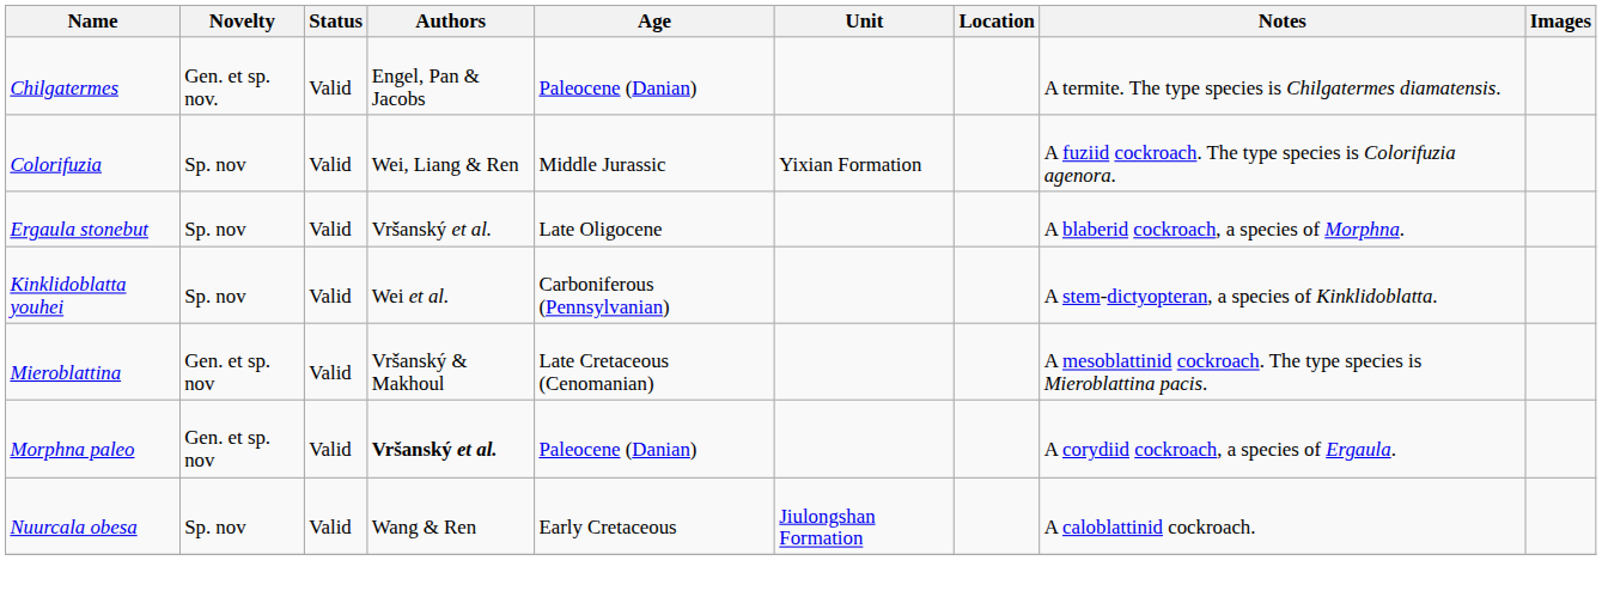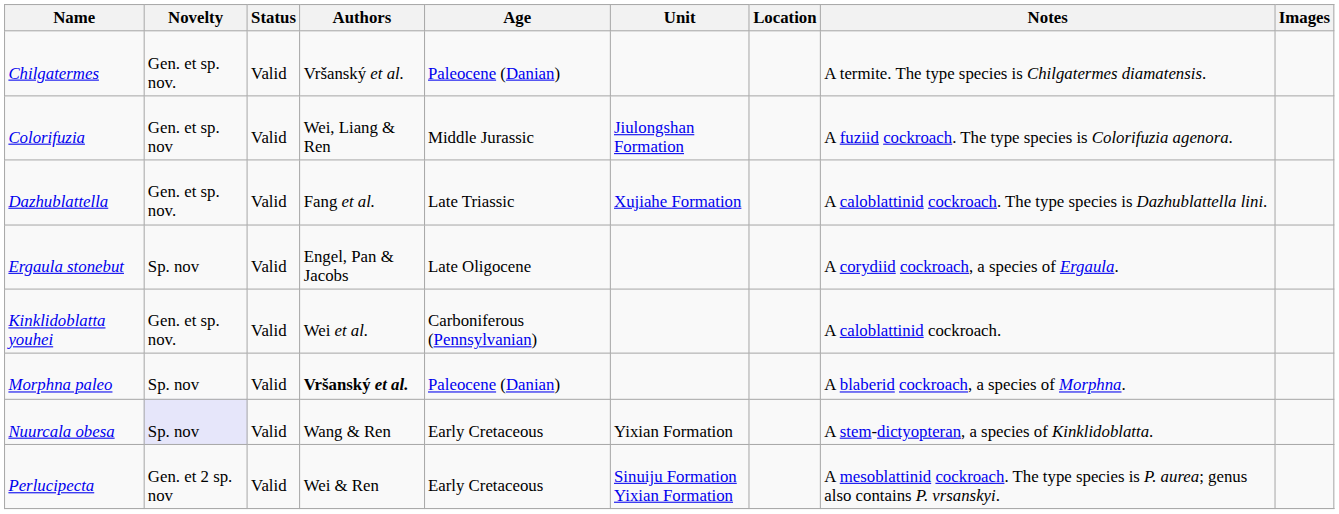 <table class="wikitable sortable" align="center" width="80%">
 <tr>
 <th>Name</th>
 <th>Novelty</th>
 <th>Status</th>
 <th>Authors</th>
 <th>Age</th>
 <th>Unit</th>
 <th>Location</th>
 <th>Notes</th>
 <th>Images</th>
 </tr>
 <tr>
 <td><br><em><a href='#'>Chilgatermes</a></em></td>
 <td><br>Gen. et sp. nov.</td>
 <td><br>Valid</td>
-<td><br>Engel, Pan & Jacobs</td>
+<td><br>Vršanský <em>et al.</em></td>
 <td><br><a href='#'>Paleocene</a> (<a href='#'>Danian</a>)</td>
 <td></td>
 <td><br></td>
 <td><br>A termite. The type species is <em>Chilgatermes diamatensis</em>.</td>
 <td></td>
 </tr>
 <tr>
 <td><br><em><a href='#'>Colorifuzia</a></em></td>
-<td><br>Sp. nov</td>
+<td><br>Gen. et sp. nov</td>
 <td><br>Valid</td>
 <td><br>Wei, Liang & Ren</td>
 <td><br>Middle Jurassic</td>
-<td><br>Yixian Formation</td>
+<td><br><a href='#'>Jiulongshan Formation</a></td>
 <td><br></td>
 <td><br>A <a href='#'>fuziid</a> <a href='#'>cockroach</a>. The type species is <em>Colorifuzia agenora</em>.</td>
+<td></td>
+</tr>
+<tr>
+<td><br><em><a href='#'>Dazhublattella</a></em></td>
+<td><br>Gen. et sp. nov.</td>
+<td><br>Valid</td>
+<td><br>Fang <em>et al.</em></td>
+<td><br>Late Triassic</td>
+<td><br><a href='#'>Xujiahe Formation</a></td>
+<td><br></td>
+<td><br>A <a href='#'>caloblattinid</a> <a href='#'>cockroach</a>. The type species is <em>Dazhublattella lini</em>.</td>
 <td></td>
 </tr>
 <tr>
 <td><br><em><a href='#'>Ergaula stonebut</a></em></td>
 <td><br>Sp. nov</td>
 <td><br>Valid</td>
-<td><br>Vršanský <em>et al.</em></td>
+<td><br>Engel, Pan & Jacobs</td>
 <td><br>Late Oligocene</td>
+<td></td>
+<td><br></td>
+<td><br>A <a href='#'>corydiid</a> <a href='#'>cockroach</a>, a species of <em><a href='#'>Ergaula</a></em>.</td>
+<td></td>
+</tr>
+<tr>
+<td><br><em><a href='#'>Kinklidoblatta youhei</a></em></td>
+<td><br>Gen. et sp. nov.</td>
+<td><br>Valid</td>
+<td><br>Wei <em>et al.</em></td>
+<td><br>Carboniferous (<a href='#'>Pennsylvanian</a>)</td>
+<td></td>
+<td><br></td>
+<td><br>A <a href='#'>caloblattinid</a> cockroach.</td>
+<td></td>
+</tr>
+<tr>
+<td><br><em><a href='#'>Morphna paleo</a></em></td>
+<td><br>Sp. nov</td>
+<td><br>Valid</td>
+<td><strong><br>Vršanský <em>et al.</em></strong></td>
+<td><br><a href='#'>Paleocene</a> (<a href='#'>Danian</a>)</td>
 <td></td>
 <td><br></td>
 <td><br>A <a href='#'>blaberid</a> <a href='#'>cockroach</a>, a species of <em><a href='#'>Morphna</a></em>.</td>
 <td></td>
 </tr>
 <tr>
-<td><br><em><a href='#'>Kinklidoblatta youhei</a></em></td>
-<td><br>Sp. nov</td>
+<td><br><em><a href='#'>Nuurcala obesa</a></em></td>
+<td style="background: lavender;"><br>Sp. nov</td>
 <td><br>Valid</td>
-<td><br>Wei <em>et al.</em></td>
-<td><br>Carboniferous (<a href='#'>Pennsylvanian</a>)</td>
-<td></td>
+<td><br>Wang & Ren</td>
+<td><br>Early Cretaceous</td>
+<td><br>Yixian Formation</td>
 <td><br></td>
 <td><br>A <a href='#'>stem</a>-<a href='#'>dictyopteran</a>, a species of <em>Kinklidoblatta</em>.</td>
 <td></td>
 </tr>
 <tr>
-<td><br><em><a href='#'>Mieroblattina</a></em></td>
-<td><br>Gen. et sp. nov</td>
+<td><br><em><a href='#'>Perlucipecta</a></em></td>
+<td><br>Gen. et 2 sp. nov</td>
 <td><br>Valid</td>
-<td><br>Vršanský & Makhoul</td>
-<td><br>Late Cretaceous (Cenomanian)</td>
-<td></td>
-<td><br></td>
-<td><br>A <a href='#'>mesoblattinid</a> <a href='#'>cockroach</a>. The type species is <em>Mieroblattina pacis</em>.</td>
-<td></td>
-</tr>
-<tr>
-<td><br><em><a href='#'>Morphna paleo</a></em></td>
-<td><br>Gen. et sp. nov</td>
-<td><br>Valid</td>
-<td><strong><br>Vršanský <em>et al.</em></strong></td>
-<td><br><a href='#'>Paleocene</a> (<a href='#'>Danian</a>)</td>
-<td></td>
-<td><br></td>
-<td><br>A <a href='#'>corydiid</a> <a href='#'>cockroach</a>, a species of <em><a href='#'>Ergaula</a></em>.</td>
-<td></td>
-</tr>
-<tr>
-<td><br><em><a href='#'>Nuurcala obesa</a></em></td>
-<td><br>Sp. nov</td>
-<td><br>Valid</td>
-<td><br>Wang & Ren</td>
+<td><br>Wei & Ren</td>
 <td><br>Early Cretaceous</td>
-<td><br><a href='#'>Jiulongshan Formation</a></td>
-<td><br></td>
-<td><br>A <a href='#'>caloblattinid</a> cockroach.</td>
+<td><br><a href='#'>Sinuiju Formation</a><br> <a href='#'>Yixian Formation</a></td>
+<td><br><br> </td>
+<td><br>A <a href='#'>mesoblattinid</a> <a href='#'>cockroach</a>. The type species is <em>P. aurea</em>; genus also contains <em>P. vrsanskyi</em>.</td>
 <td></td>
 </tr>
 <tr>
 </tr>
 </table>
